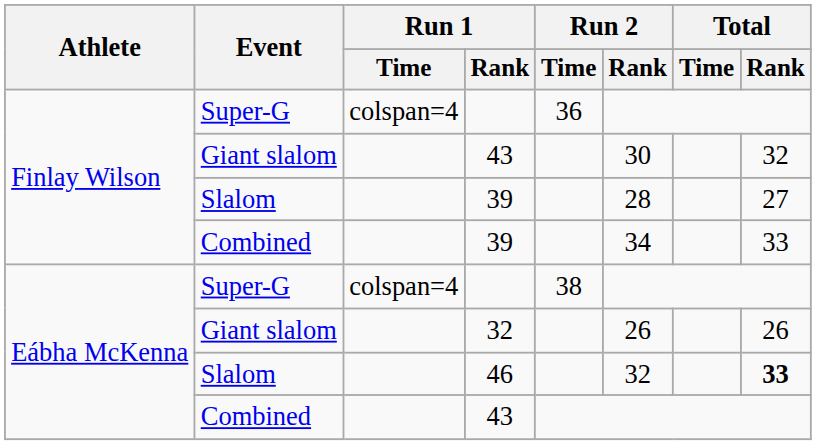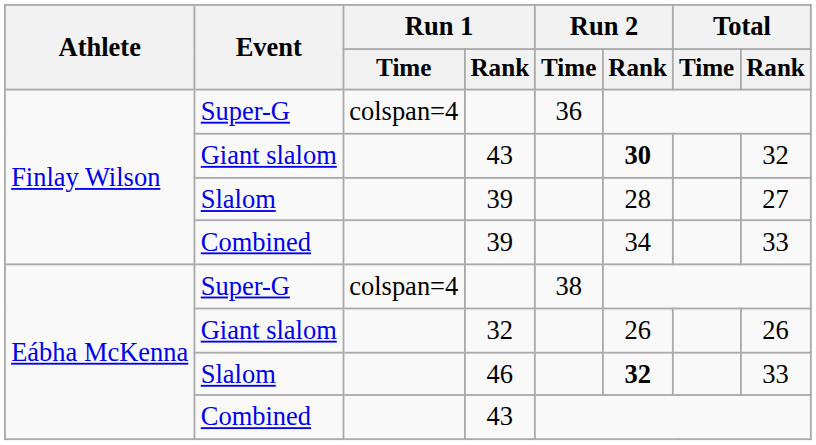 <table class="wikitable" style="font-size:90%">
 <tr>
 <th rowspan=2>Athlete</th>
 <th rowspan=2>Event</th>
 <th colspan=2>Run 1</th>
 <th colspan=2>Run 2</th>
 <th colspan=2>Total</th>
 </tr>
 <tr style="font-size:95%">
 <th>Time</th>
 <th>Rank</th>
 <th>Time</th>
 <th>Rank</th>
 <th>Time</th>
 <th>Rank</th>
 </tr>
 <tr align=center>
 <td align="left" rowspan="4"><a href='#'>Finlay Wilson</a></td>
 <td align="left"><a href='#'>Super-G</a></td>
 <td>colspan=4</td>
 <td></td>
 <td>36</td>
 </tr>
 <tr align=center>
 <td align="left"><a href='#'>Giant slalom</a></td>
 <td></td>
 <td>43</td>
 <td></td>
-<td>30</td>
+<td><strong>30</strong></td>
 <td></td>
 <td>32</td>
 </tr>
 <tr align=center>
 <td align="left"><a href='#'>Slalom</a></td>
 <td></td>
 <td>39</td>
 <td></td>
 <td>28</td>
 <td></td>
 <td>27</td>
 </tr>
 <tr align=center>
 <td align="left"><a href='#'>Combined</a></td>
 <td></td>
 <td>39</td>
 <td></td>
 <td>34</td>
 <td></td>
 <td>33</td>
 </tr>
 <tr align=center>
 <td align="left" rowspan="4"><a href='#'>Eábha McKenna</a></td>
 <td align="left"><a href='#'>Super-G</a></td>
 <td>colspan=4</td>
 <td></td>
 <td>38</td>
 </tr>
 <tr align=center>
 <td align="left"><a href='#'>Giant slalom</a></td>
 <td></td>
 <td>32</td>
 <td></td>
 <td>26</td>
 <td></td>
 <td>26</td>
 </tr>
 <tr align=center>
 <td align="left"><a href='#'>Slalom</a></td>
 <td></td>
 <td>46</td>
 <td></td>
-<td>32</td>
+<td><strong>32</strong></td>
 <td></td>
-<td><strong>33</strong></td>
+<td>33</td>
 </tr>
 <tr align=center>
 <td align="left"><a href='#'>Combined</a></td>
 <td></td>
 <td>43</td>
 <td colspan=4></td>
 </tr>
 </table>
